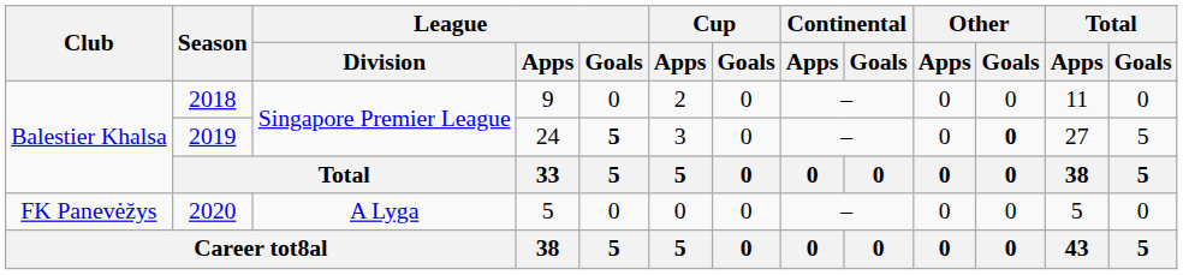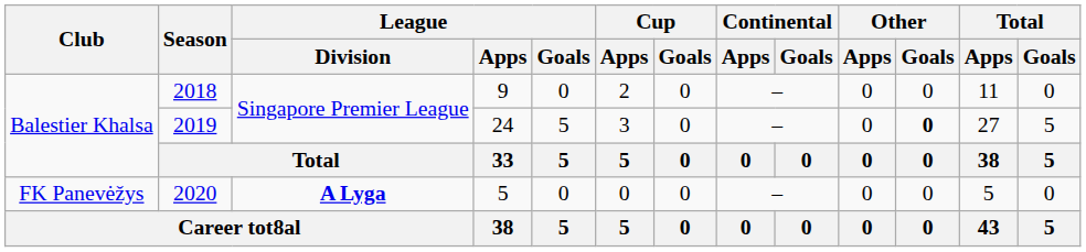 <table class="wikitable" style="text-align:center">
 <tr>
 <th rowspan="2">Club</th>
 <th rowspan="2">Season</th>
 <th colspan="3">League</th>
 <th colspan="2">Cup</th>
 <th colspan="2">Continental</th>
 <th colspan="2">Other</th>
 <th colspan="2">Total</th>
 </tr>
 <tr>
 <th>Division</th>
 <th>Apps</th>
 <th>Goals</th>
 <th>Apps</th>
 <th>Goals</th>
 <th>Apps</th>
 <th>Goals</th>
 <th>Apps</th>
 <th>Goals</th>
 <th>Apps</th>
 <th>Goals</th>
 </tr>
 <tr>
 <td rowspan="3"><a href='#'>Balestier Khalsa</a></td>
 <td><a href='#'>2018</a></td>
 <td rowspan="2"><a href='#'>Singapore Premier League</a></td>
 <td>9</td>
 <td>0</td>
 <td>2</td>
 <td>0</td>
 <td colspan="2">–</td>
 <td>0</td>
 <td>0</td>
 <td>11</td>
 <td>0</td>
 </tr>
 <tr>
 <td><a href='#'>2019</a></td>
 <td>24</td>
-<td><strong>5</strong></td>
+<td>5</td>
 <td>3</td>
 <td>0</td>
 <td colspan="2">–</td>
 <td>0</td>
 <td><strong>0</strong></td>
 <td>27</td>
 <td>5</td>
 </tr>
 <tr>
 <th colspan=2>Total</th>
 <th>33</th>
 <th>5</th>
 <th>5</th>
 <th>0</th>
 <th>0</th>
 <th>0</th>
 <th>0</th>
 <th>0</th>
 <th>38</th>
 <th>5</th>
 </tr>
 <tr>
 <td><a href='#'>FK Panevėžys</a></td>
 <td><a href='#'>2020</a></td>
-<td><a href='#'>A Lyga</a></td>
+<td><strong><a href='#'>A Lyga</a></strong></td>
 <td>5</td>
 <td>0</td>
 <td>0</td>
 <td>0</td>
 <td colspan="2">–</td>
 <td>0</td>
 <td>0</td>
 <td>5</td>
 <td>0</td>
 </tr>
 <tr>
 <th colspan=3>Career tot8al</th>
 <th>38</th>
 <th>5</th>
 <th>5</th>
 <th>0</th>
 <th>0</th>
 <th>0</th>
 <th>0</th>
 <th>0</th>
 <th>43</th>
 <th>5</th>
 </tr>
 </table>
